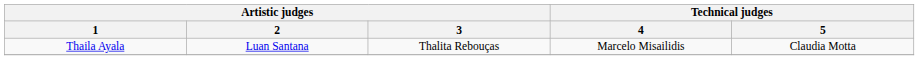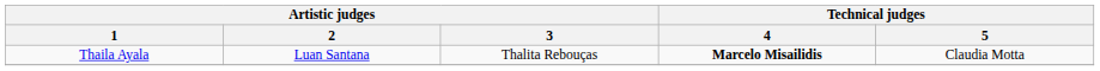 <table class="wikitable" style="font-size:100%; line-height:16px; text-align:center" width="100%">
 <tr>
 <th colspan=3>Artistic judges</th>
 <th colspan=2>Technical judges</th>
 </tr>
 <tr>
 <th style="width:20.0%;">1</th>
 <th style="width:20.0%;">2</th>
 <th style="width:20.0%;">3</th>
 <th style="width:20.0%;">4</th>
 <th style="width:20.0%;">5</th>
 </tr>
 <tr>
 <td><a href='#'>Thaila Ayala</a></td>
 <td><a href='#'>Luan Santana</a></td>
 <td>Thalita Rebouças</td>
-<td>Marcelo Misailidis</td>
+<td><strong>Marcelo Misailidis</strong></td>
 <td>Claudia Motta</td>
 </tr>
 <tr>
 </tr>
 </table>
